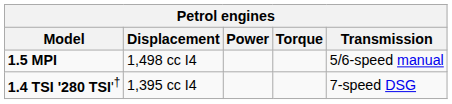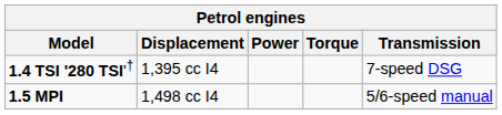 <table class="wikitable" style="text-align:left; font-size:90%;">
 <tr>
 <th colspan="5">Petrol engines</th>
 </tr>
 <tr>
 <th>Model</th>
 <th>Displacement</th>
 <th>Power</th>
 <th>Torque</th>
 <th>Transmission</th>
 </tr>
 <tr>
+<td><strong>1.4 TSI '280 TSI</strong>'<sup>†</sup></td>
+<td>1,395 cc I4</td>
+<td></td>
+<td></td>
+<td>7-speed <a href='#'>DSG</a></td>
+</tr>
+<tr>
 <td><strong>1.5 MPI</strong></td>
 <td>1,498 cc I4</td>
 <td></td>
 <td></td>
 <td>5/6-speed <a href='#'>manual</a></td>
 </tr>
-<tr>
-<td><strong>1.4 TSI '280 TSI</strong>'<sup>†</sup></td>
-<td>1,395 cc I4</td>
-<td></td>
-<td></td>
-<td>7-speed <a href='#'>DSG</a></td>
-</tr>
 </table>
